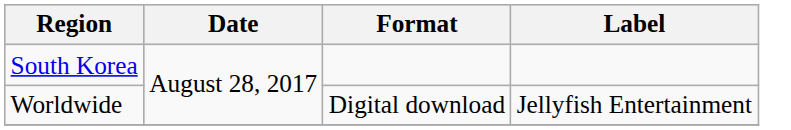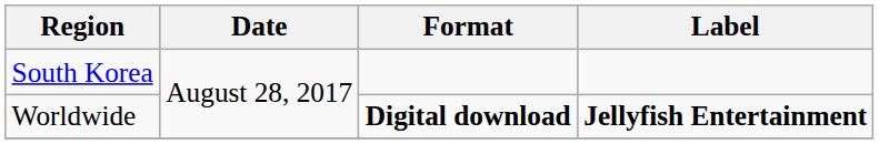 <table class = "wikitable">
 <tr>
 <th>Region</th>
 <th>Date</th>
 <th>Format</th>
 <th>Label</th>
 </tr>
 <tr>
 <td><a href='#'>South Korea</a></td>
 <td rowspan=2>August 28, 2017</td>
 <td></td>
 <td></td>
 </tr>
 <tr>
 <td>Worldwide</td>
-<td>Digital download</td>
-<td>Jellyfish Entertainment</td>
+<td><strong>Digital download</strong></td>
+<td><strong>Jellyfish Entertainment</strong></td>
 </tr>
 <tr>
 </tr>
 </table>
